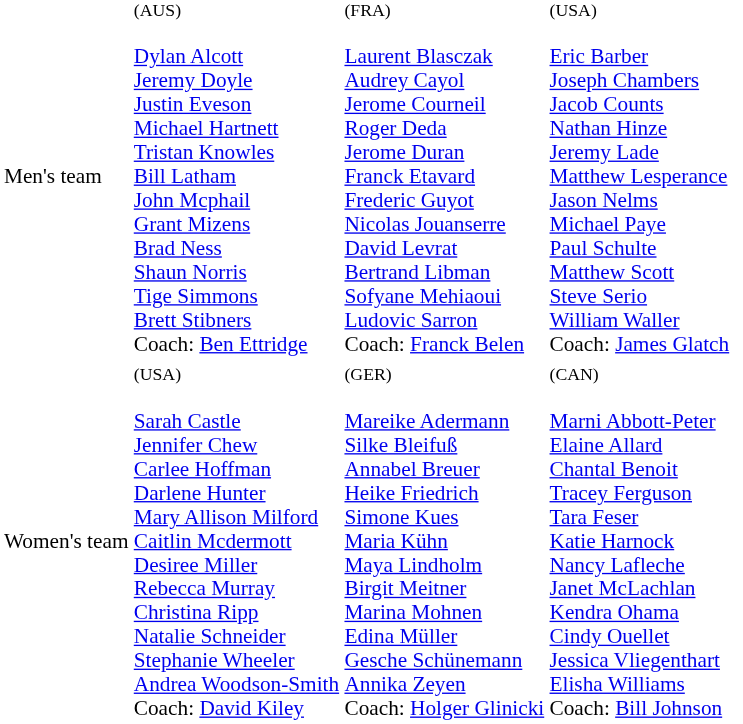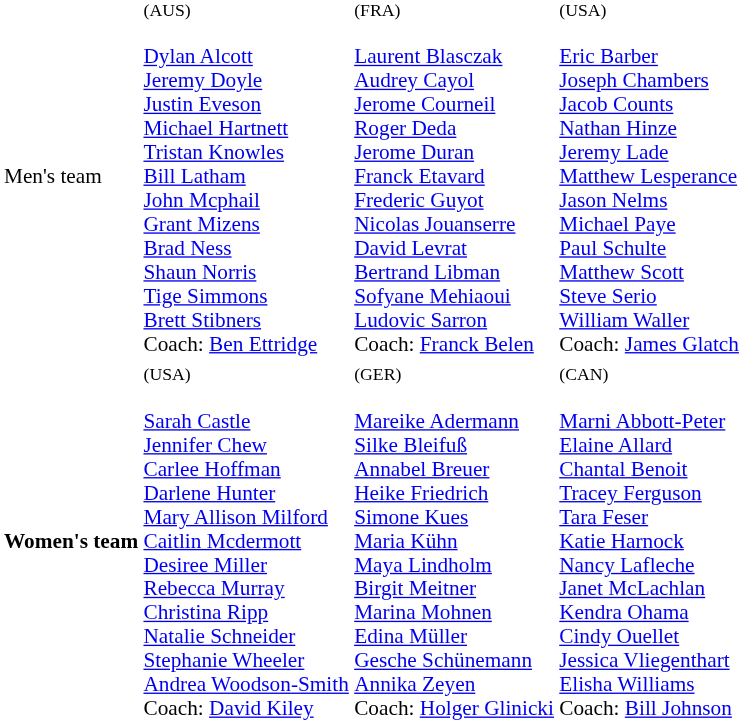 <table>
 <tr>
 <td>Men's team</td>
 <td valign="top"> <small>(AUS)</small><br><br><a href='#'>Dylan Alcott</a> <br> <a href='#'>Jeremy Doyle</a> <br> <a href='#'>Justin Eveson</a> <br> <a href='#'>Michael Hartnett</a> <br> <a href='#'>Tristan Knowles</a> <br> <a href='#'>Bill Latham</a> <br> <a href='#'>John Mcphail</a> <br> <a href='#'>Grant Mizens</a> <br> <a href='#'>Brad Ness</a> <br> <a href='#'>Shaun Norris</a> <br> <a href='#'>Tige Simmons</a> <br> <a href='#'>Brett Stibners</a> <br>  Coach: <a href='#'>Ben Ettridge</a></td>
 <td valign="top"> <small>(FRA)</small><br><br><a href='#'>Laurent Blasczak</a> <br> <a href='#'>Audrey Cayol</a> <br> <a href='#'>Jerome Courneil</a> <br> <a href='#'>Roger Deda</a> <br> <a href='#'>Jerome Duran</a> <br> <a href='#'>Franck Etavard</a> <br> <a href='#'>Frederic Guyot</a> <br> <a href='#'>Nicolas Jouanserre</a> <br> <a href='#'>David Levrat</a> <br> <a href='#'>Bertrand Libman</a> <br> <a href='#'>Sofyane Mehiaoui</a> <br> <a href='#'>Ludovic Sarron</a> <br> Coach: <a href='#'>Franck Belen</a></td>
 <td valign="top"> <small>(USA)</small><br><br><a href='#'>Eric Barber</a> <br> <a href='#'>Joseph Chambers</a> <br> <a href='#'>Jacob Counts</a> <br> <a href='#'>Nathan Hinze</a> <br> <a href='#'>Jeremy Lade</a> <br> <a href='#'>Matthew Lesperance</a> <br> <a href='#'>Jason Nelms</a> <br> <a href='#'>Michael Paye</a> <br> <a href='#'>Paul Schulte</a> <br> <a href='#'>Matthew Scott</a> <br> <a href='#'>Steve Serio</a> <br> <a href='#'>William Waller</a> <br> Coach: <a href='#'>James Glatch</a></td>
 </tr>
 <tr>
-<td>Women's team</td>
+<td><strong>Women's team</strong></td>
 <td valign="top"> <small>(USA)</small><br><br><a href='#'>Sarah Castle</a> <br> <a href='#'>Jennifer Chew</a> <br> <a href='#'>Carlee Hoffman</a> <br> <a href='#'>Darlene Hunter</a> <br> <a href='#'>Mary Allison Milford</a> <br> <a href='#'>Caitlin Mcdermott</a> <br> <a href='#'>Desiree Miller</a> <br> <a href='#'>Rebecca Murray</a> <br> <a href='#'>Christina Ripp</a> <br> <a href='#'>Natalie Schneider</a> <br> <a href='#'>Stephanie Wheeler</a> <br> <a href='#'>Andrea Woodson-Smith</a> <br> Coach: <a href='#'>David Kiley</a></td>
 <td valign="top"> <small>(GER)</small><br><br><a href='#'>Mareike Adermann</a> <br> <a href='#'>Silke Bleifuß</a> <br> <a href='#'>Annabel Breuer</a> <br> <a href='#'>Heike Friedrich</a> <br> <a href='#'>Simone Kues</a> <br> <a href='#'>Maria Kühn</a> <br> <a href='#'>Maya Lindholm</a> <br> <a href='#'>Birgit Meitner</a> <br> <a href='#'>Marina Mohnen</a> <br> <a href='#'>Edina Müller</a> <br> <a href='#'>Gesche Schünemann</a> <br> <a href='#'>Annika Zeyen</a> <br> Coach: <a href='#'>Holger Glinicki</a></td>
 <td valign="top"> <small>(CAN)</small><br><br><a href='#'>Marni Abbott-Peter</a> <br> <a href='#'>Elaine Allard</a> <br> <a href='#'>Chantal Benoit</a> <br> <a href='#'>Tracey Ferguson</a> <br> <a href='#'>Tara Feser</a> <br> <a href='#'>Katie Harnock</a> <br> <a href='#'>Nancy Lafleche</a> <br> <a href='#'>Janet McLachlan</a> <br> <a href='#'>Kendra Ohama</a> <br> <a href='#'>Cindy Ouellet</a> <br> <a href='#'>Jessica Vliegenthart</a> <br> <a href='#'>Elisha Williams</a> <br> Coach: <a href='#'>Bill Johnson</a></td>
 </tr>
 </table>
